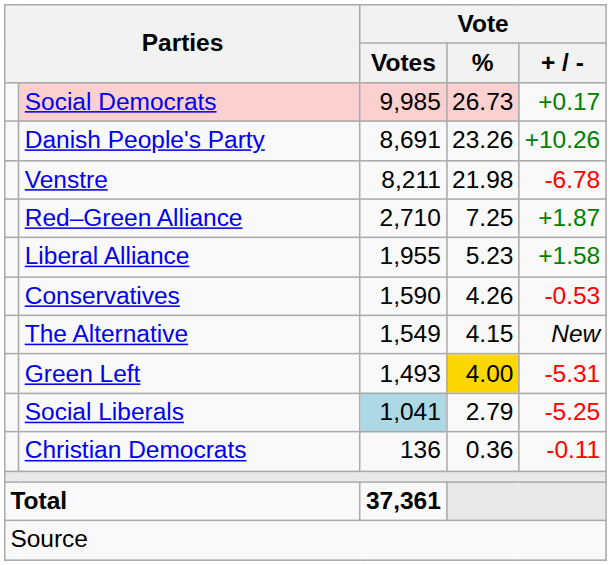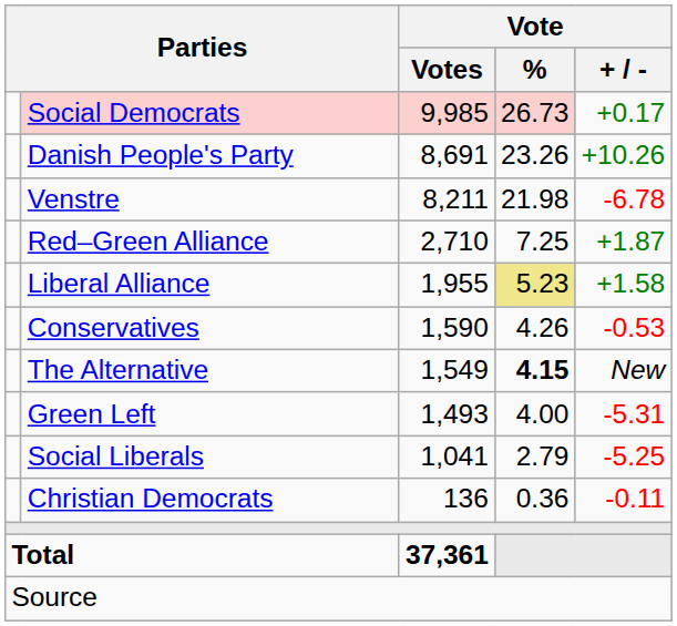 <table class="wikitable" style="text-align:right;">
 <tr>
 <th style="text-align:centre;" rowspan="2" colspan="2" width="225">Parties</th>
 <th colspan="3">Vote</th>
 </tr>
 <tr>
 <th width="15">Votes</th>
 <th width="15">%</th>
 <th width="15">+ / -</th>
 </tr>
 <tr>
 <td width="2" style="color:inherit;background:"></td>
 <td bgcolor=#fbd0ce  align="left"><a href='#'>Social Democrats</a></td>
 <td bgcolor=#fbd0ce>9,985</td>
 <td bgcolor=#fbd0ce>26.73</td>
 <td style=color:green;>+0.17</td>
 </tr>
 <tr>
 <td width="2" style="color:inherit;background:"></td>
 <td align="left"><a href='#'>Danish People's Party</a></td>
 <td>8,691</td>
 <td>23.26</td>
 <td style=color:green;>+10.26</td>
 </tr>
 <tr>
 <td width="2" style="color:inherit;background:"></td>
 <td align="left"><a href='#'>Venstre</a></td>
 <td>8,211</td>
 <td>21.98</td>
 <td style=color:red;>-6.78</td>
 </tr>
 <tr>
 <td width="2" style="color:inherit;background:"></td>
 <td align="left"><a href='#'>Red–Green Alliance</a></td>
 <td>2,710</td>
 <td>7.25</td>
 <td style=color:green;>+1.87</td>
 </tr>
 <tr>
 <td width="2" style="color:inherit;background:"></td>
 <td align="left"><a href='#'>Liberal Alliance</a></td>
 <td>1,955</td>
-<td>5.23</td>
+<td style="background: khaki;">5.23</td>
 <td style=color:green;>+1.58</td>
 </tr>
 <tr>
 <td width="2" style="color:inherit;background:"></td>
 <td align="left"><a href='#'>Conservatives</a></td>
 <td>1,590</td>
 <td>4.26</td>
 <td style=color:red;>-0.53</td>
 </tr>
 <tr>
 <td width="2" style="color:inherit;background:"></td>
 <td align="left"><a href='#'>The Alternative</a></td>
 <td>1,549</td>
-<td>4.15</td>
+<td><strong>4.15</strong></td>
 <td><em>New</em></td>
 </tr>
 <tr>
 <td width="2" style="color:inherit;background:"></td>
 <td align="left"><a href='#'>Green Left</a></td>
 <td>1,493</td>
-<td style="background: gold;">4.00</td>
+<td>4.00</td>
 <td style=color:red;>-5.31</td>
 </tr>
 <tr>
 <td width="2" style="color:inherit;background:"></td>
 <td align="left"><a href='#'>Social Liberals</a></td>
-<td style="background: lightblue;">1,041</td>
+<td>1,041</td>
 <td>2.79</td>
 <td style=color:red;>-5.25</td>
 </tr>
 <tr>
 <td width="2" style="color:inherit;background:"></td>
 <td align="left"><a href='#'>Christian Democrats</a></td>
 <td>136</td>
 <td>0.36</td>
 <td style=color:red;>-0.11</td>
 </tr>
 <tr>
 <td colspan="7" bgcolor="#E9E9E9"></td>
 </tr>
 <tr>
 <td align="left" colspan="2"><strong>Total</strong></td>
 <td><strong>37,361</strong></td>
 <td bgcolor="#E9E9E9" colspan="2"></td>
 </tr>
 <tr>
 <td align="left" colspan="6">Source</td>
 </tr>
 </table>
